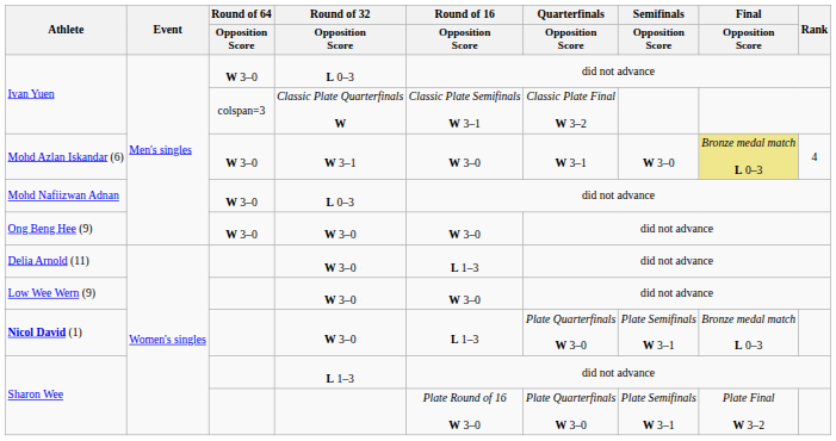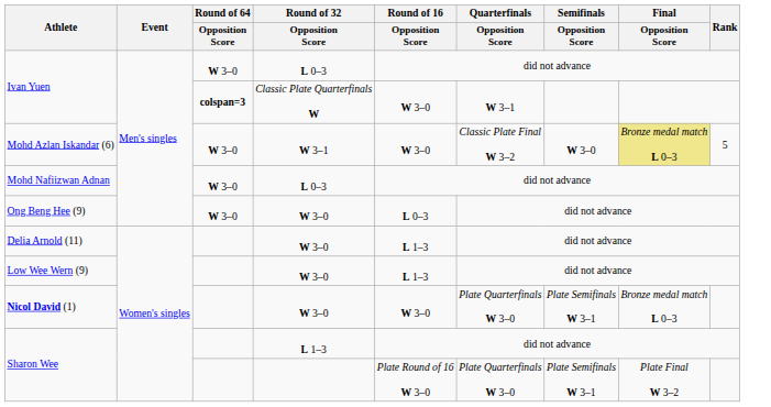 <table class="wikitable" style="font-size:90%;">
 <tr>
 <th rowspan="2">Athlete</th>
 <th rowspan="2">Event</th>
 <th>Round of 64</th>
 <th>Round of 32</th>
 <th>Round of 16</th>
 <th>Quarterfinals</th>
 <th>Semifinals</th>
 <th>Final</th>
 <th rowspan=2>Rank</th>
 </tr>
 <tr style="font-size:95%">
 <th>Opposition<br>Score</th>
 <th>Opposition<br>Score</th>
 <th>Opposition<br>Score</th>
 <th>Opposition<br>Score</th>
 <th>Opposition<br>Score</th>
 <th>Opposition<br>Score</th>
 </tr>
 <tr align=center>
 <td align=left rowspan=2><a href='#'>Ivan Yuen</a></td>
 <td align=left rowspan=5><a href='#'>Men's singles</a></td>
 <td><br><strong>W</strong> 3–0</td>
 <td><br><strong>L</strong> 0–3</td>
 <td colspan=5>did not advance</td>
 </tr>
 <tr align=center>
-<td>colspan=3 </td>
+<td><strong>colspan=3 </strong></td>
 <td><em>Classic Plate Quarterfinals</em><br><br><strong>W</strong> </td>
-<td><em>Classic Plate Semifinals</em><br><br><strong>W</strong> 3–1</td>
-<td><em>Classic Plate Final</em><br><br><strong>W</strong> 3–2</td>
+<td><br><strong>W</strong> 3–0</td>
+<td><br><strong>W</strong> 3–1</td>
 <td></td>
 </tr>
 <tr align=center>
 <td align=left><a href='#'>Mohd Azlan Iskandar</a> (6)</td>
 <td><br><strong>W</strong> 3–0</td>
 <td><br><strong>W</strong> 3–1</td>
 <td><br><strong>W</strong> 3–0</td>
-<td><br><strong>W</strong> 3–1</td>
+<td><em>Classic Plate Final</em><br><br><strong>W</strong> 3–2</td>
 <td><br><strong>W</strong> 3–0</td>
 <td style="background: khaki;"><em>Bronze medal match</em><br><br><strong>L</strong> 0–3</td>
-<td>4</td>
+<td>5</td>
 </tr>
 <tr align=center>
 <td align=left><a href='#'>Mohd Nafiizwan Adnan</a></td>
 <td><br><strong>W</strong> 3–0</td>
 <td><br><strong>L</strong> 0–3</td>
 <td colspan=5>did not advance</td>
 </tr>
 <tr align=center>
 <td align=left><a href='#'>Ong Beng Hee</a> (9)</td>
 <td><br><strong>W</strong> 3–0</td>
 <td><br><strong>W</strong> 3–0</td>
-<td><br><strong>W</strong> 3–0</td>
+<td><br><strong>L</strong> 0–3</td>
 <td colspan=4>did not advance</td>
 </tr>
 <tr align=center>
 <td align=left><a href='#'>Delia Arnold</a> (11)</td>
 <td align=left rowspan=5><a href='#'>Women's singles</a></td>
 <td></td>
 <td><br><strong>W</strong> 3–0</td>
 <td><br><strong>L</strong> 1–3</td>
 <td colspan=4>did not advance</td>
 </tr>
 <tr align=center>
 <td align=left><a href='#'>Low Wee Wern</a> (9)</td>
 <td></td>
 <td><br><strong>W</strong> 3–0</td>
-<td><br><strong>W</strong> 3–0</td>
+<td><br><strong>L</strong> 1–3</td>
 <td colspan=4>did not advance</td>
 </tr>
 <tr align=center>
 <td align=left><strong><a href='#'>Nicol David</a></strong> (1)</td>
 <td></td>
 <td><br><strong>W</strong> 3–0</td>
-<td><br><strong>L</strong> 1–3</td>
+<td><br><strong>W</strong> 3–0</td>
 <td><em>Plate Quarterfinals</em><br><br><strong>W</strong> 3–0</td>
 <td><em>Plate Semifinals</em><br><br><strong>W</strong> 3–1</td>
 <td><em>Bronze medal match</em><br><br><strong>L</strong> 0–3</td>
 <td></td>
 </tr>
 <tr align=center>
 <td align=left rowspan=2><a href='#'>Sharon Wee</a></td>
 <td></td>
 <td><br><strong>L</strong> 1–3</td>
 <td colspan=5>did not advance</td>
 </tr>
 <tr align=center>
 <td></td>
 <td></td>
 <td><em>Plate Round of 16</em><br><br><strong>W</strong> 3–0</td>
 <td><em>Plate Quarterfinals</em><br><br><strong>W</strong> 3–0</td>
 <td><em>Plate Semifinals</em><br><br><strong>W</strong> 3–1</td>
 <td><em>Plate Final</em><br><br><strong>W</strong> 3–2</td>
 <td></td>
 </tr>
 </table>
